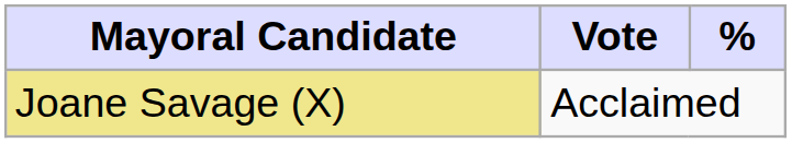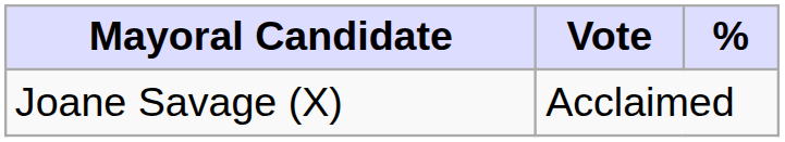 <table class="wikitable">
 <tr>
 <th style="background:#ddf; width:200px;">Mayoral Candidate</th>
 <th style="background:#ddf; width:50px;">Vote</th>
 <th style="background:#ddf; width:30px;">%</th>
 </tr>
 <tr>
-<td style="background: khaki;">Joane Savage (X)</td>
+<td>Joane Savage (X)</td>
 <td colspan="2">Acclaimed</td>
 </tr>
 </table>
